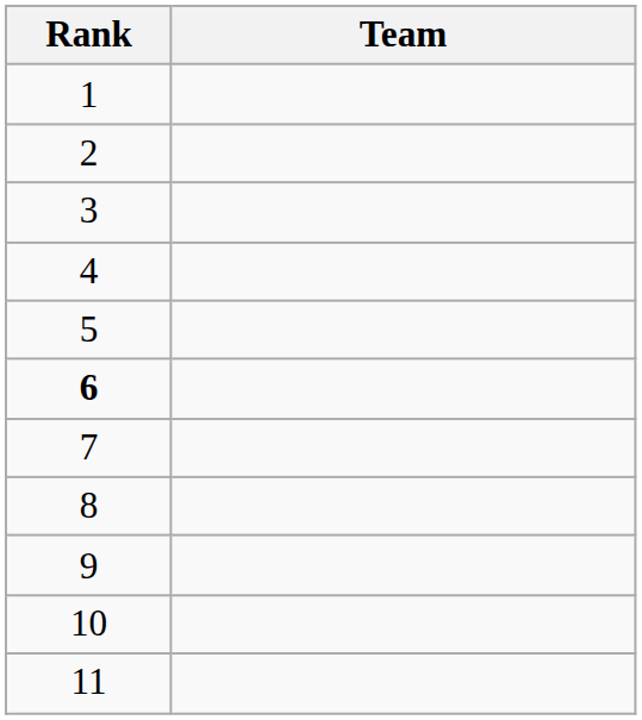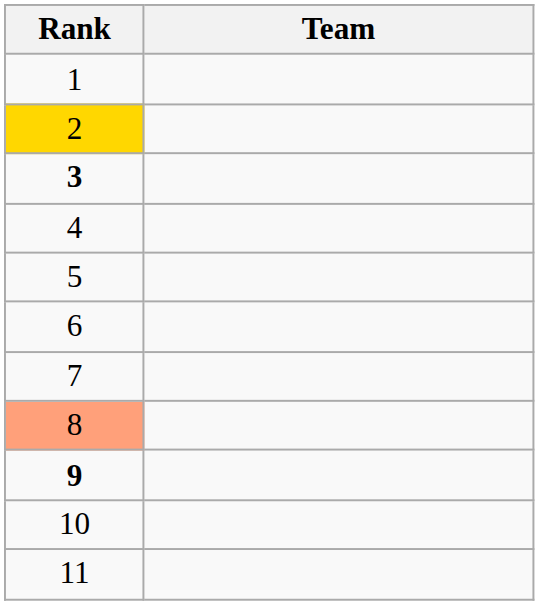 <table class="wikitable" style="text-align:center">
 <tr>
 <th style="width:4em">Rank</th>
 <th style="width:12em">Team</th>
 </tr>
 <tr>
 <td>1</td>
 <td align=left></td>
 </tr>
 <tr>
-<td>2</td>
+<td style="background: gold;">2</td>
 <td align=left></td>
 </tr>
 <tr>
-<td>3</td>
+<td><strong>3</strong></td>
 <td align=left></td>
 </tr>
 <tr>
 <td>4</td>
 <td align=left></td>
 </tr>
 <tr>
 <td>5</td>
 <td align=left></td>
 </tr>
 <tr>
-<td><strong>6</strong></td>
+<td>6</td>
 <td align=left></td>
 </tr>
 <tr>
 <td>7</td>
 <td align=left></td>
 </tr>
 <tr>
-<td>8</td>
+<td style="background: lightsalmon;">8</td>
 <td align=left></td>
 </tr>
 <tr>
-<td>9</td>
+<td><strong>9</strong></td>
 <td align=left></td>
 </tr>
 <tr>
 <td>10</td>
 <td align=left></td>
 </tr>
 <tr>
 <td>11</td>
 <td align=left></td>
 </tr>
 </table>
